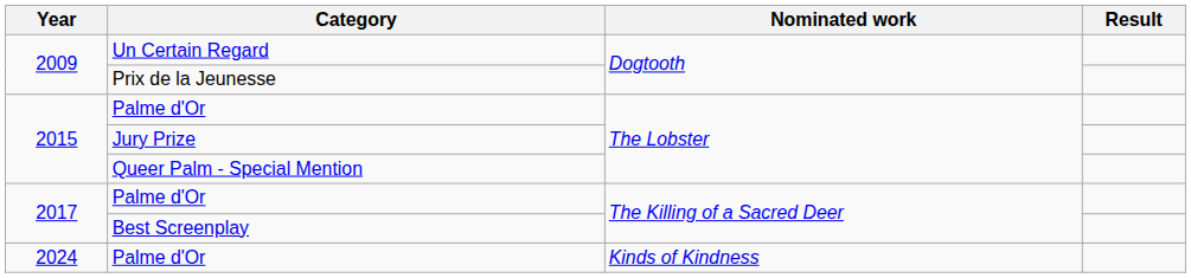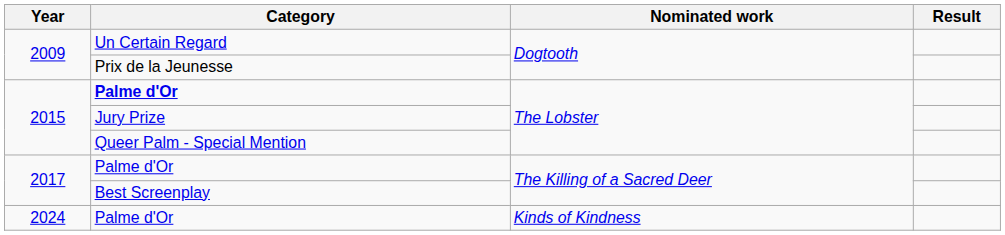 <table class=wikitable>
 <tr>
 <th scope="col" style="width:5em;">Year</th>
 <th scope="col" style="width:26em;">Category</th>
 <th scope="col" style="width:25em;">Nominated work</th>
 <th scope="col" style="width:5em;">Result</th>
 </tr>
 <tr>
 <td style="text-align:center;", rowspan="2"><a href='#'>2009</a></td>
 <td><a href='#'>Un Certain Regard</a></td>
 <td rowspan="2"><em><a href='#'>Dogtooth</a></em></td>
 <td></td>
 </tr>
 <tr>
 <td>Prix de la Jeunesse</td>
 <td></td>
 </tr>
 <tr>
 <td style="text-align:center;", rowspan="3"><a href='#'>2015</a></td>
-<td><a href='#'>Palme d'Or</a></td>
+<td><strong><a href='#'>Palme d'Or</a></strong></td>
 <td rowspan="3"><em><a href='#'>The Lobster</a></em></td>
 <td></td>
 </tr>
 <tr>
 <td><a href='#'>Jury Prize</a></td>
 <td></td>
 </tr>
 <tr>
 <td><a href='#'>Queer Palm - Special Mention</a></td>
 <td></td>
 </tr>
 <tr>
 <td style="text-align:center;", rowspan="2"><a href='#'>2017</a></td>
 <td><a href='#'>Palme d'Or</a></td>
 <td rowspan="2"><em><a href='#'>The Killing of a Sacred Deer</a></em></td>
 <td></td>
 </tr>
 <tr>
 <td><a href='#'>Best Screenplay</a></td>
 <td></td>
 </tr>
 <tr>
 <td style="text-align:center;", rowspan="2"><a href='#'>2024</a></td>
 <td><a href='#'>Palme d'Or</a></td>
 <td rowspan="2"><em><a href='#'>Kinds of Kindness</a></em></td>
 <td></td>
 </tr>
 </table>
